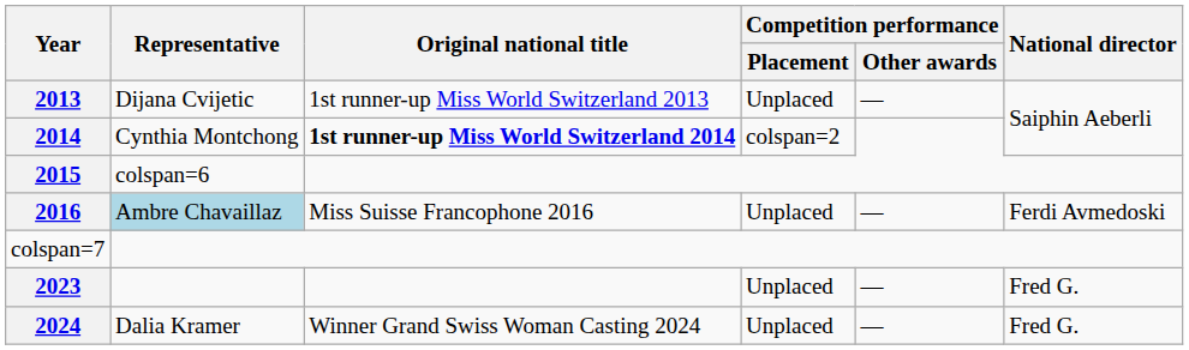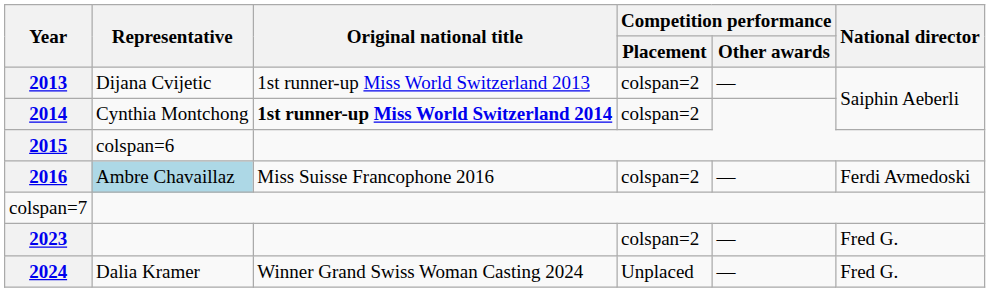 <table class="wikitable defaultcenter col2left" style="font-size:95%;">
 <tr>
 <th rowspan=2>Year</th>
 <th rowspan=2>Representative</th>
 <th rowspan=2>Original national title</th>
 <th colspan=2>Competition performance</th>
 <th rowspan=2>National director</th>
 </tr>
 <tr>
 <th>Placement</th>
 <th>Other awards</th>
 </tr>
 <tr>
 <th><a href='#'>2013</a></th>
 <td>Dijana Cvijetic</td>
 <td>1st runner-up <a href='#'>Miss World Switzerland 2013</a></td>
-<td>Unplaced</td>
+<td>colspan=2 </td>
 <td>—</td>
 <td rowspan=2>Saiphin Aeberli</td>
 </tr>
 <tr>
 <th><a href='#'>2014</a></th>
 <td>Cynthia Montchong</td>
 <td><strong>1st runner-up <a href='#'>Miss World Switzerland 2014</a></strong></td>
 <td>colspan=2 </td>
 </tr>
 <tr>
 <th><a href='#'>2015</a></th>
 <td>colspan=6 </td>
 </tr>
 <tr>
 <th><a href='#'>2016</a></th>
 <td style="background: lightblue;">Ambre Chavaillaz</td>
 <td>Miss Suisse Francophone 2016</td>
-<td>Unplaced</td>
+<td>colspan=2 </td>
 <td>—</td>
 <td>Ferdi Avmedoski</td>
 </tr>
 <tr>
 <td>colspan=7 </td>
 </tr>
 <tr>
 <th><a href='#'>2023</a></th>
 <td></td>
 <td></td>
-<td>Unplaced</td>
+<td>colspan=2 </td>
 <td>—</td>
 <td>Fred G.</td>
 </tr>
 <tr>
 <th><a href='#'>2024</a></th>
 <td>Dalia Kramer</td>
 <td>Winner Grand Swiss Woman Casting 2024</td>
 <td>Unplaced</td>
 <td>—</td>
 <td>Fred G.</td>
 </tr>
 </table>
